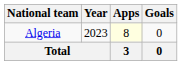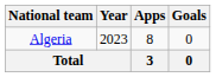 <table class="wikitable" style="text-align:center">
 <tr>
 <th>National team</th>
 <th>Year</th>
 <th>Apps</th>
 <th>Goals</th>
 </tr>
 <tr>
 <td rowspan=1><a href='#'>Algeria</a></td>
 <td>2023</td>
-<td style="background: lightyellow;">8</td>
+<td>8</td>
 <td>0</td>
 </tr>
 <tr>
 <th colspan=2>Total</th>
 <th>3</th>
 <th>0</th>
 </tr>
 </table>
